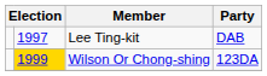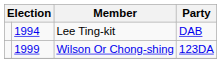 <table class="wikitable">
 <tr>
 <th colspan="2">Election</th>
 <th>Member</th>
 <th>Party</th>
 </tr>
 <tr>
 <td style="background-color:"></td>
-<td><a href='#'>1997</a></td>
+<td><a href='#'>1994</a></td>
 <td>Lee Ting-kit</td>
 <td><a href='#'>DAB</a></td>
 </tr>
 <tr>
 <td style="background-color:"></td>
-<td style="background: gold;"><a href='#'>1999</a></td>
+<td><a href='#'>1999</a></td>
 <td><a href='#'>Wilson Or Chong-shing</a></td>
 <td><a href='#'>123DA</a></td>
 </tr>
 <tr>
 </tr>
 </table>
